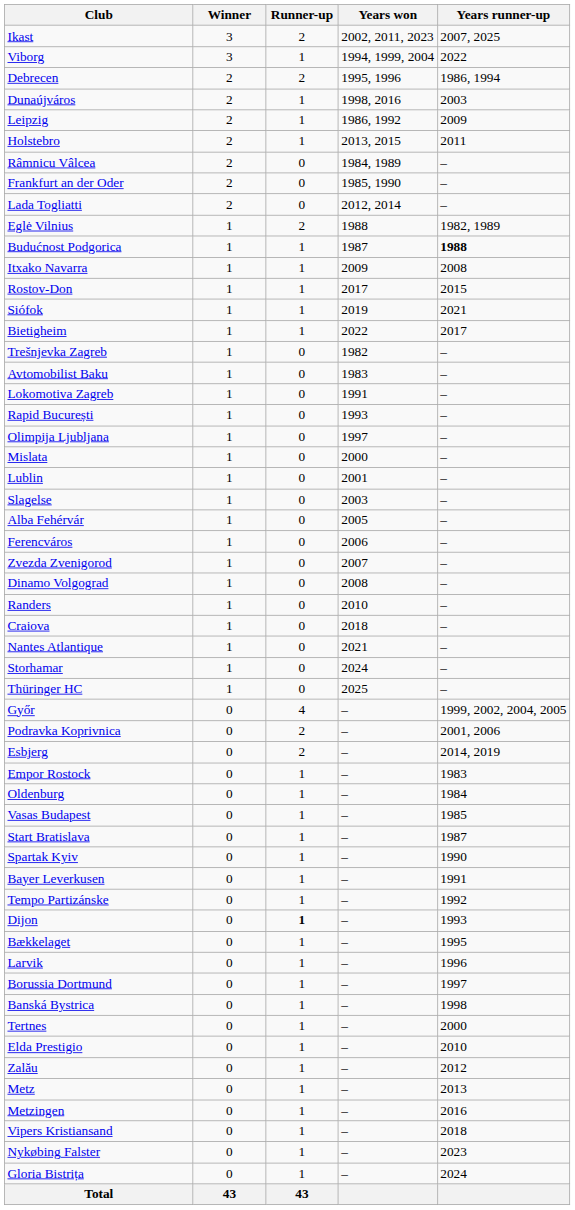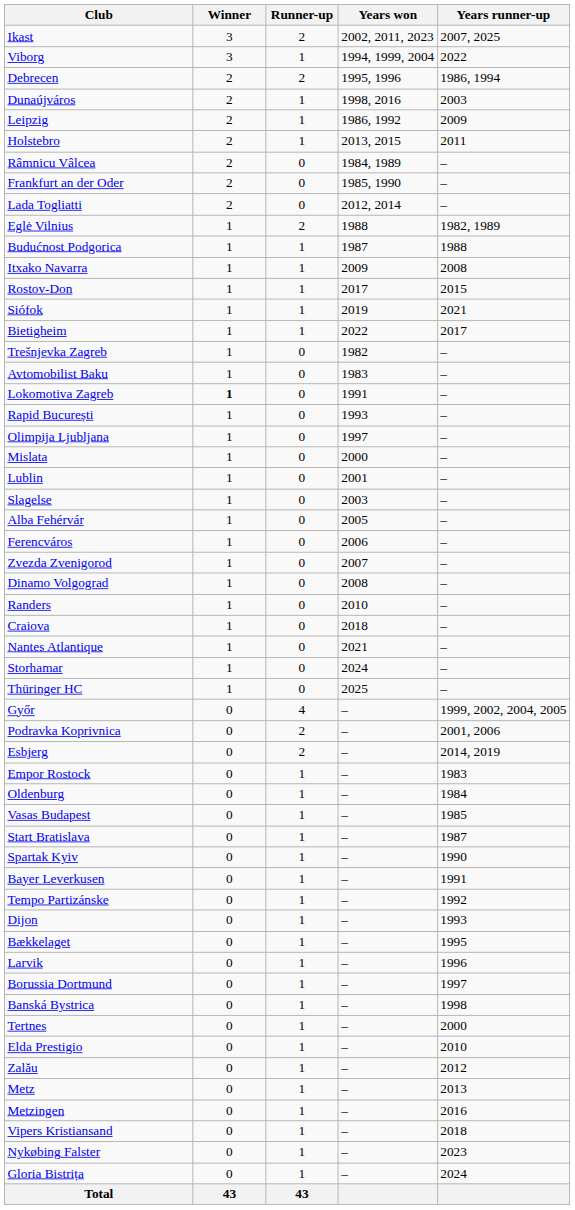 <table class="wikitable">
 <tr>
 <th width=220>Club</th>
 <th width=80>Winner</th>
 <th width=80>Runner-up</th>
 <th>Years won</th>
 <th>Years runner-up</th>
 </tr>
 <tr>
 <td> <a href='#'>Ikast</a></td>
 <td style="text-align:center;">3</td>
 <td style="text-align:center;">2</td>
 <td>2002, 2011, 2023</td>
 <td>2007, 2025</td>
 </tr>
 <tr>
 <td> <a href='#'>Viborg</a></td>
 <td style="text-align:center;">3</td>
 <td style="text-align:center;">1</td>
 <td>1994, 1999, 2004</td>
 <td>2022</td>
 </tr>
 <tr>
 <td> <a href='#'>Debrecen</a></td>
 <td style="text-align:center;">2</td>
 <td style="text-align:center;">2</td>
 <td>1995, 1996</td>
 <td>1986, 1994</td>
 </tr>
 <tr>
 <td> <a href='#'>Dunaújváros</a></td>
 <td style="text-align:center;">2</td>
 <td style="text-align:center;">1</td>
 <td>1998, 2016</td>
 <td>2003</td>
 </tr>
 <tr>
 <td>  <a href='#'>Leipzig</a></td>
 <td style="text-align:center;">2</td>
 <td style="text-align:center;">1</td>
 <td>1986, 1992</td>
 <td>2009</td>
 </tr>
 <tr>
 <td> <a href='#'>Holstebro</a></td>
 <td style="text-align:center;">2</td>
 <td style="text-align:center;">1</td>
 <td>2013, 2015</td>
 <td>2011</td>
 </tr>
 <tr>
 <td> <a href='#'>Râmnicu Vâlcea</a></td>
 <td style="text-align:center;">2</td>
 <td style="text-align:center;">0</td>
 <td>1984, 1989</td>
 <td>–</td>
 </tr>
 <tr>
 <td>  <a href='#'>Frankfurt an der Oder</a></td>
 <td style="text-align:center;">2</td>
 <td style="text-align:center;">0</td>
 <td>1985, 1990</td>
 <td>–</td>
 </tr>
 <tr>
 <td>  <a href='#'>Lada Togliatti</a></td>
 <td style="text-align:center;">2</td>
 <td style="text-align:center;">0</td>
 <td>2012, 2014</td>
 <td>–</td>
 </tr>
 <tr>
 <td>  <a href='#'>Eglė Vilnius</a></td>
 <td style="text-align:center;">1</td>
 <td style="text-align:center;">2</td>
 <td>1988</td>
 <td>1982, 1989</td>
 </tr>
 <tr>
 <td>  <a href='#'>Budućnost Podgorica</a></td>
 <td style="text-align:center;">1</td>
 <td style="text-align:center;">1</td>
 <td>1987</td>
-<td><strong>1988</strong></td>
+<td>1988</td>
 </tr>
 <tr>
 <td> <a href='#'>Itxako Navarra</a></td>
 <td style="text-align:center;">1</td>
 <td style="text-align:center;">1</td>
 <td>2009</td>
 <td>2008</td>
 </tr>
 <tr>
 <td>  <a href='#'>Rostov-Don</a></td>
 <td style="text-align:center;">1</td>
 <td style="text-align:center;">1</td>
 <td>2017</td>
 <td>2015</td>
 </tr>
 <tr>
 <td> <a href='#'>Siófok</a></td>
 <td style="text-align:center;">1</td>
 <td style="text-align:center;">1</td>
 <td>2019</td>
 <td>2021</td>
 </tr>
 <tr>
 <td> <a href='#'>Bietigheim</a></td>
 <td style="text-align:center;">1</td>
 <td style="text-align:center;">1</td>
 <td>2022</td>
 <td>2017</td>
 </tr>
 <tr>
 <td>  <a href='#'>Trešnjevka Zagreb</a></td>
 <td style="text-align:center;">1</td>
 <td style="text-align:center;">0</td>
 <td>1982</td>
 <td>–</td>
 </tr>
 <tr>
 <td>  <a href='#'>Avtomobilist Baku</a></td>
 <td style="text-align:center;">1</td>
 <td style="text-align:center;">0</td>
 <td>1983</td>
 <td>–</td>
 </tr>
 <tr>
 <td>  <a href='#'>Lokomotiva Zagreb</a></td>
-<td style="text-align:center;">1</td>
+<td style="text-align:center;"><strong>1</strong></td>
 <td style="text-align:center;">0</td>
 <td>1991</td>
 <td>–</td>
 </tr>
 <tr>
 <td> <a href='#'>Rapid București</a></td>
 <td style="text-align:center;">1</td>
 <td style="text-align:center;">0</td>
 <td>1993</td>
 <td>–</td>
 </tr>
 <tr>
 <td>  <a href='#'>Olimpija Ljubljana</a></td>
 <td style="text-align:center;">1</td>
 <td style="text-align:center;">0</td>
 <td>1997</td>
 <td>–</td>
 </tr>
 <tr>
 <td> <a href='#'>Mislata</a></td>
 <td style="text-align:center;">1</td>
 <td style="text-align:center;">0</td>
 <td>2000</td>
 <td>–</td>
 </tr>
 <tr>
 <td> <a href='#'>Lublin</a></td>
 <td style="text-align:center;">1</td>
 <td style="text-align:center;">0</td>
 <td>2001</td>
 <td>–</td>
 </tr>
 <tr>
 <td> <a href='#'>Slagelse</a></td>
 <td style="text-align:center;">1</td>
 <td style="text-align:center;">0</td>
 <td>2003</td>
 <td>–</td>
 </tr>
 <tr>
 <td> <a href='#'>Alba Fehérvár</a></td>
 <td style="text-align:center;">1</td>
 <td style="text-align:center;">0</td>
 <td>2005</td>
 <td>–</td>
 </tr>
 <tr>
 <td> <a href='#'>Ferencváros</a></td>
 <td style="text-align:center;">1</td>
 <td style="text-align:center;">0</td>
 <td>2006</td>
 <td>–</td>
 </tr>
 <tr>
 <td>  <a href='#'>Zvezda Zvenigorod</a></td>
 <td style="text-align:center;">1</td>
 <td style="text-align:center;">0</td>
 <td>2007</td>
 <td>–</td>
 </tr>
 <tr>
 <td>  <a href='#'>Dinamo Volgograd</a></td>
 <td style="text-align:center;">1</td>
 <td style="text-align:center;">0</td>
 <td>2008</td>
 <td>–</td>
 </tr>
 <tr>
 <td> <a href='#'>Randers</a></td>
 <td style="text-align:center;">1</td>
 <td style="text-align:center;">0</td>
 <td>2010</td>
 <td>–</td>
 </tr>
 <tr>
 <td> <a href='#'>Craiova</a></td>
 <td style="text-align:center;">1</td>
 <td style="text-align:center;">0</td>
 <td>2018</td>
 <td>–</td>
 </tr>
 <tr>
 <td> <a href='#'>Nantes Atlantique</a></td>
 <td style="text-align:center;">1</td>
 <td style="text-align:center;">0</td>
 <td>2021</td>
 <td>–</td>
 </tr>
 <tr>
 <td> <a href='#'>Storhamar</a></td>
 <td style="text-align:center;">1</td>
 <td style="text-align:center;">0</td>
 <td>2024</td>
 <td>–</td>
 </tr>
 <tr>
 <td> <a href='#'>Thüringer HC</a></td>
 <td style="text-align:center;">1</td>
 <td style="text-align:center;">0</td>
 <td>2025</td>
 <td>–</td>
 </tr>
 <tr>
 <td> <a href='#'>Győr</a></td>
 <td style="text-align:center;">0</td>
 <td style="text-align:center;">4</td>
 <td>–</td>
 <td>1999, 2002, 2004, 2005</td>
 </tr>
 <tr>
 <td>  <a href='#'>Podravka Koprivnica</a></td>
 <td style="text-align:center;">0</td>
 <td style="text-align:center;">2</td>
 <td>–</td>
 <td>2001, 2006</td>
 </tr>
 <tr>
 <td> <a href='#'>Esbjerg</a></td>
 <td style="text-align:center;">0</td>
 <td style="text-align:center;">2</td>
 <td>–</td>
 <td>2014, 2019</td>
 </tr>
 <tr>
 <td>  <a href='#'>Empor Rostock</a></td>
 <td style="text-align:center;">0</td>
 <td style="text-align:center;">1</td>
 <td>–</td>
 <td>1983</td>
 </tr>
 <tr>
 <td> <a href='#'>Oldenburg</a></td>
 <td style="text-align:center;">0</td>
 <td style="text-align:center;">1</td>
 <td>–</td>
 <td>1984</td>
 </tr>
 <tr>
 <td> <a href='#'>Vasas Budapest</a></td>
 <td style="text-align:center;">0</td>
 <td style="text-align:center;">1</td>
 <td>–</td>
 <td>1985</td>
 </tr>
 <tr>
 <td>  <a href='#'>Start Bratislava</a></td>
 <td style="text-align:center;">0</td>
 <td style="text-align:center;">1</td>
 <td>–</td>
 <td>1987</td>
 </tr>
 <tr>
 <td>  <a href='#'>Spartak Kyiv</a></td>
 <td style="text-align:center;">0</td>
 <td style="text-align:center;">1</td>
 <td>–</td>
 <td>1990</td>
 </tr>
 <tr>
 <td> <a href='#'>Bayer Leverkusen</a></td>
 <td style="text-align:center;">0</td>
 <td style="text-align:center;">1</td>
 <td>–</td>
 <td>1991</td>
 </tr>
 <tr>
 <td>  <a href='#'>Tempo Partizánske</a></td>
 <td style="text-align:center;">0</td>
 <td style="text-align:center;">1</td>
 <td>–</td>
 <td>1992</td>
 </tr>
 <tr>
 <td> <a href='#'>Dijon</a></td>
 <td style="text-align:center;">0</td>
-<td style="text-align:center;"><strong>1</strong></td>
+<td style="text-align:center;">1</td>
 <td>–</td>
 <td>1993</td>
 </tr>
 <tr>
 <td> <a href='#'>Bækkelaget</a></td>
 <td style="text-align:center;">0</td>
 <td style="text-align:center;">1</td>
 <td>–</td>
 <td>1995</td>
 </tr>
 <tr>
 <td> <a href='#'>Larvik</a></td>
 <td style="text-align:center;">0</td>
 <td style="text-align:center;">1</td>
 <td>–</td>
 <td>1996</td>
 </tr>
 <tr>
 <td> <a href='#'>Borussia Dortmund</a></td>
 <td style="text-align:center;">0</td>
 <td style="text-align:center;">1</td>
 <td>–</td>
 <td>1997</td>
 </tr>
 <tr>
 <td> <a href='#'>Banská Bystrica</a></td>
 <td style="text-align:center;">0</td>
 <td style="text-align:center;">1</td>
 <td>–</td>
 <td>1998</td>
 </tr>
 <tr>
 <td> <a href='#'>Tertnes</a></td>
 <td style="text-align:center;">0</td>
 <td style="text-align:center;">1</td>
 <td>–</td>
 <td>2000</td>
 </tr>
 <tr>
 <td> <a href='#'>Elda Prestigio</a></td>
 <td style="text-align:center;">0</td>
 <td style="text-align:center;">1</td>
 <td>–</td>
 <td>2010</td>
 </tr>
 <tr>
 <td> <a href='#'>Zalău</a></td>
 <td style="text-align:center;">0</td>
 <td style="text-align:center;">1</td>
 <td>–</td>
 <td>2012</td>
 </tr>
 <tr>
 <td> <a href='#'>Metz</a></td>
 <td style="text-align:center;">0</td>
 <td style="text-align:center;">1</td>
 <td>–</td>
 <td>2013</td>
 </tr>
 <tr>
 <td> <a href='#'>Metzingen</a></td>
 <td style="text-align:center;">0</td>
 <td style="text-align:center;">1</td>
 <td>–</td>
 <td>2016</td>
 </tr>
 <tr>
 <td> <a href='#'>Vipers Kristiansand</a></td>
 <td style="text-align:center;">0</td>
 <td style="text-align:center;">1</td>
 <td>–</td>
 <td>2018</td>
 </tr>
 <tr>
 <td> <a href='#'>Nykøbing Falster</a></td>
 <td style="text-align:center;">0</td>
 <td style="text-align:center;">1</td>
 <td>–</td>
 <td>2023</td>
 </tr>
 <tr>
 <td> <a href='#'>Gloria Bistrița</a></td>
 <td style="text-align:center;">0</td>
 <td style="text-align:center;">1</td>
 <td>–</td>
 <td>2024</td>
 </tr>
 <tr>
 <th>Total</th>
 <th>43</th>
 <th>43</th>
 <th></th>
 <th></th>
 </tr>
 </table>
